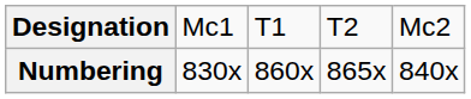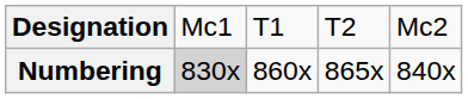 <table class="wikitable">
 <tr>
 <th>Designation</th>
 <td>Mc1</td>
 <td>T1</td>
 <td>T2</td>
 <td>Mc2</td>
 </tr>
 <tr>
 <th>Numbering</th>
-<td>830x</td>
+<td style="background: lightgrey;">830x</td>
 <td>860x</td>
 <td>865x</td>
 <td>840x</td>
 </tr>
 </table>
